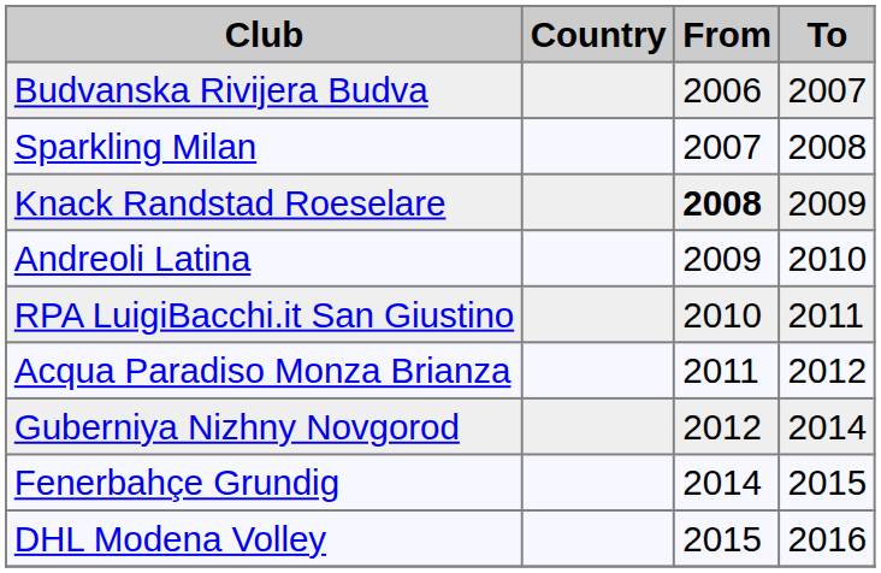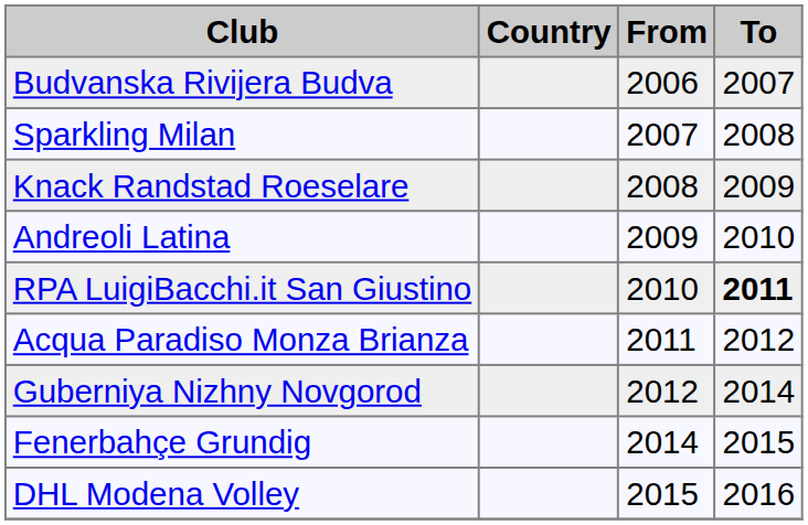 <table bgcolor="#f7f8ff" cellpadding="3" cellspacing="0" border="1" style="font-size: 95%; border: gray solid 1px; border-collapse: collapse;">
 <tr bgcolor="#CCCCCC">
 <td align="center"><strong>Club</strong></td>
 <td align="center"><strong>Country</strong></td>
 <td align="center"><strong>From</strong></td>
 <td align="center"><strong>To</strong></td>
 </tr>
 <tr bgcolor="#EFEFEF" align=left>
 <td><a href='#'>Budvanska Rivijera Budva</a></td>
 <td></td>
 <td>2006</td>
 <td>2007</td>
 </tr>
 <tr align="left">
 <td><a href='#'>Sparkling Milan</a></td>
 <td></td>
 <td>2007</td>
 <td>2008</td>
 </tr>
 <tr bgcolor="#EFEFEF" align=left>
 <td><a href='#'>Knack Randstad Roeselare</a></td>
 <td></td>
-<td><strong>2008</strong></td>
+<td>2008</td>
 <td>2009</td>
 </tr>
 <tr align="left">
 <td><a href='#'>Andreoli Latina</a></td>
 <td></td>
 <td>2009</td>
 <td>2010</td>
 </tr>
 <tr bgcolor="#EFEFEF" align=left>
 <td><a href='#'>RPA LuigiBacchi.it San Giustino</a></td>
 <td></td>
 <td>2010</td>
-<td>2011</td>
+<td><strong>2011</strong></td>
 </tr>
 <tr align="left">
 <td><a href='#'>Acqua Paradiso Monza Brianza</a></td>
 <td></td>
 <td>2011</td>
 <td>2012</td>
 </tr>
 <tr bgcolor="#EFEFEF" align=left>
 <td><a href='#'>Guberniya Nizhny Novgorod</a></td>
 <td></td>
 <td>2012</td>
 <td>2014</td>
 </tr>
 <tr align="left">
 <td><a href='#'>Fenerbahçe Grundig</a></td>
 <td></td>
 <td>2014</td>
 <td>2015</td>
 </tr>
 <tr align="left">
 <td><a href='#'>DHL Modena Volley</a></td>
 <td></td>
 <td>2015</td>
 <td>2016</td>
 </tr>
 <tr>
 </tr>
 </table>
